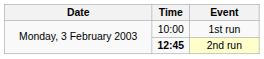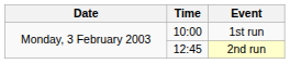 <table class = "wikitable" style="text-align:center;">
 <tr>
 <th width=220>Date</th>
 <th width=50>Time</th>
 <th width=100>Event</th>
 </tr>
 <tr>
 <td rowspan=2>Monday, 3 February 2003</td>
 <td>10:00</td>
 <td>1st run</td>
 </tr>
 <tr>
-<td><strong>12:45</strong></td>
+<td>12:45</td>
 <td bgcolor=ffffcc>2nd run</td>
 </tr>
 </table>
